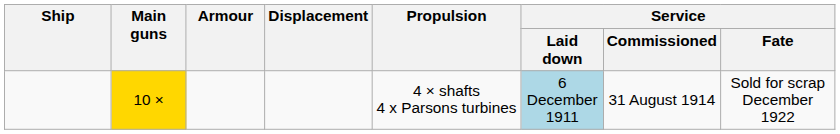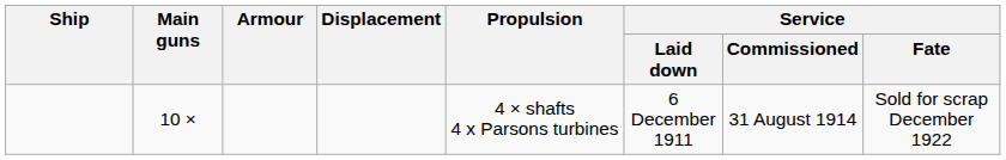 <table class="wikitable" style="width:98%;">
 <tr valign="top"|- valign="top">
 <th style="width:15%; text-align:center;" rowspan="2">Ship</th>
 <th style="width:10%; text-align:center;" rowspan="2">Main guns</th>
 <th style="width:10%; text-align:center;" rowspan="2">Armour</th>
 <th style="width:10%; text-align:center;" rowspan="2">Displacement</th>
 <th style="width:20%; text-align:center;" rowspan="2">Propulsion</th>
 <th style="width:40%; text-align:center;" colspan="3">Service</th>
 </tr>
 <tr valign="top">
 <th style="width:10%; text-align:center;">Laid down</th>
 <th style="width:10%; text-align:center;">Commissioned</th>
 <th style="width:20%; text-align:center;">Fate</th>
 </tr>
 <tr valign="center">
 <td align= center></td>
-<td style="background: gold; text-align:center;">10 × </td>
+<td style="text-align:center;">10 × </td>
 <td style="text-align:center;"></td>
 <td style="text-align:center;"></td>
 <td align= center>4 × shafts<br>4 x Parsons turbines<br></td>
-<td style="background: lightblue; text-align:center;">6 December 1911</td>
+<td style="text-align:center;">6 December 1911</td>
 <td style="text-align:center;">31 August 1914</td>
 <td align= center>Sold for scrap December 1922</td>
 </tr>
 </table>
